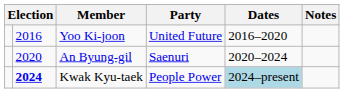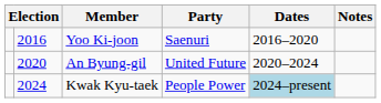 <table class="wikitable">
 <tr>
 <th colspan="2">Election</th>
 <th>Member</th>
 <th>Party</th>
 <th>Dates</th>
 <th>Notes</th>
 </tr>
 <tr>
 <td></td>
 <td><a href='#'>2016</a></td>
 <td rowspan="1"><a href='#'>Yoo Ki-joon</a></td>
-<td rowspan="1"><a href='#'>United Future</a></td>
+<td rowspan="1"><a href='#'>Saenuri</a></td>
 <td rowspan="1">2016–2020</td>
 <td rowspan="1"></td>
 </tr>
 <tr>
 <td></td>
 <td><a href='#'>2020</a></td>
 <td rowspan="1"><a href='#'>An Byung-gil</a></td>
-<td rowspan="1"><a href='#'>Saenuri</a></td>
+<td rowspan="1"><a href='#'>United Future</a></td>
 <td rowspan="1">2020–2024</td>
 <td rowspan="1"></td>
 </tr>
 <tr>
 <td></td>
-<td><strong><a href='#'>2024</a></strong></td>
+<td><a href='#'>2024</a></td>
 <td>Kwak Kyu-taek</td>
 <td><a href='#'>People Power</a></td>
 <td style="background: lightblue;">2024–present</td>
 <td></td>
 </tr>
 </table>
